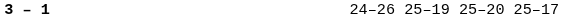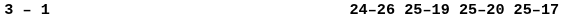 <table>
 <tr>
 <th width=200></th>
 <th width=80></th>
 <th width=200></th>
 <th width=220></th>
 </tr>
 <tr style=font-size:90%>
 <td align=right><strong></strong></td>
 <td align=center><strong>3 – 1</strong></td>
 <td></td>
-<td>24–26 25–19 25–20 25–17</td>
+<td><strong>24–26 25–19 25–20 25–17</strong></td>
 </tr>
 </table>
